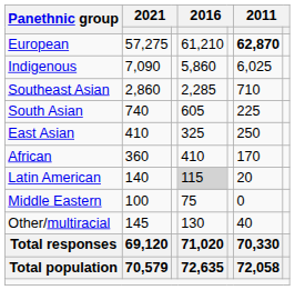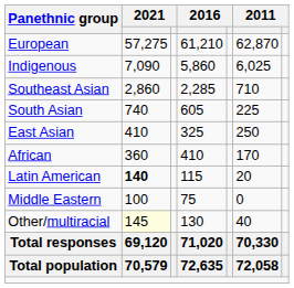 <table class="wikitable collapsible sortable">
 <tr>
 <th rowspan="2"><a href='#'>Panethnic</a> group</th>
 <th colspan="2">2021</th>
 <th colspan="2">2016</th>
 <th colspan="2">2011</th>
 </tr>
 <tr>
 <th><a href='#'></a></th>
 <th></th>
 <th></th>
 <th></th>
 <th></th>
 <th></th>
 </tr>
 <tr>
 <td><a href='#'>European</a></td>
 <td>57,275</td>
 <td></td>
 <td>61,210</td>
 <td></td>
-<td><strong>62,870</strong></td>
+<td>62,870</td>
 <td></td>
 </tr>
 <tr>
 <td><a href='#'>Indigenous</a></td>
 <td>7,090</td>
 <td></td>
 <td>5,860</td>
 <td></td>
 <td>6,025</td>
 <td></td>
 </tr>
 <tr>
 <td><a href='#'>Southeast Asian</a></td>
 <td>2,860</td>
 <td></td>
 <td>2,285</td>
 <td></td>
 <td>710</td>
 <td></td>
 </tr>
 <tr>
 <td><a href='#'>South Asian</a></td>
 <td>740</td>
 <td></td>
 <td>605</td>
 <td></td>
 <td>225</td>
 <td></td>
 </tr>
 <tr>
 <td><a href='#'>East Asian</a></td>
 <td>410</td>
 <td></td>
 <td>325</td>
 <td></td>
 <td>250</td>
 <td></td>
 </tr>
 <tr>
 <td><a href='#'>African</a></td>
 <td>360</td>
 <td></td>
 <td>410</td>
 <td></td>
 <td>170</td>
 <td></td>
 </tr>
 <tr>
 <td><a href='#'>Latin American</a></td>
-<td>140</td>
+<td><strong>140</strong></td>
 <td></td>
-<td style="background: lightgrey;">115</td>
+<td>115</td>
 <td></td>
 <td>20</td>
 <td></td>
 </tr>
 <tr>
 <td><a href='#'>Middle Eastern</a></td>
 <td>100</td>
 <td></td>
 <td>75</td>
 <td></td>
 <td>0</td>
 <td></td>
 </tr>
 <tr>
 <td>Other/<a href='#'>multiracial</a></td>
-<td>145</td>
+<td style="background: lightyellow;">145</td>
 <td></td>
 <td>130</td>
 <td></td>
 <td>40</td>
 <td></td>
 </tr>
 <tr>
 <th>Total responses</th>
 <th>69,120</th>
 <th></th>
 <th>71,020</th>
 <th></th>
 <th>70,330</th>
 <th></th>
 </tr>
 <tr class="sortbottom">
 <th>Total population</th>
 <th>70,579</th>
 <th></th>
 <th>72,635</th>
 <th></th>
 <th>72,058</th>
 <th></th>
 </tr>
 <tr class="sortbottom">
 <td colspan="15"></td>
 </tr>
 </table>
